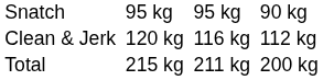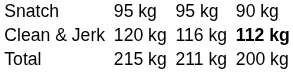 <table>
 <tr>
 <td>Snatch</td>
 <td></td>
 <td>95 kg</td>
 <td></td>
 <td>95 kg</td>
 <td></td>
 <td>90 kg</td>
 </tr>
 <tr>
 <td>Clean & Jerk</td>
 <td></td>
 <td>120 kg</td>
 <td></td>
 <td>116 kg</td>
 <td></td>
-<td>112 kg</td>
+<td><strong>112 kg</strong></td>
 </tr>
 <tr>
 <td>Total</td>
 <td></td>
 <td>215 kg</td>
 <td></td>
 <td>211 kg</td>
 <td></td>
 <td>200 kg</td>
 </tr>
 </table>
